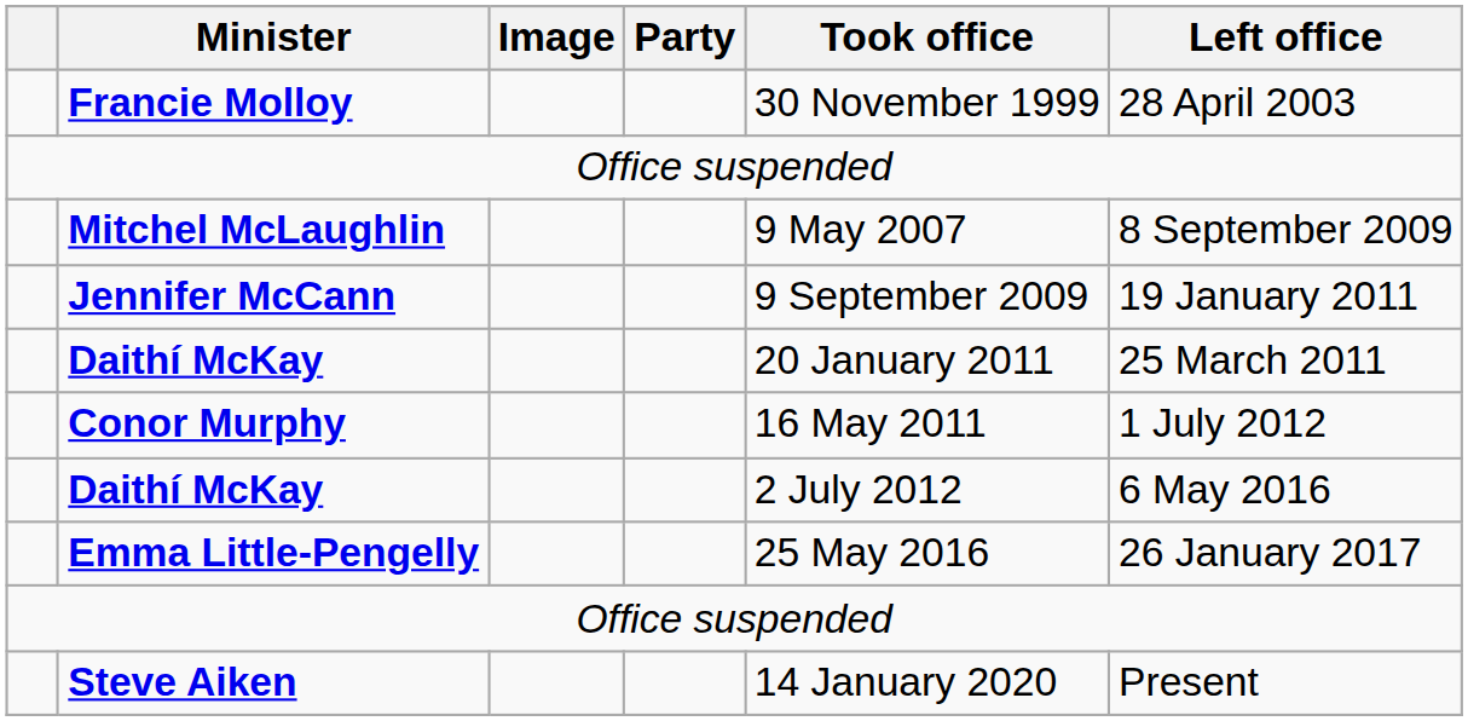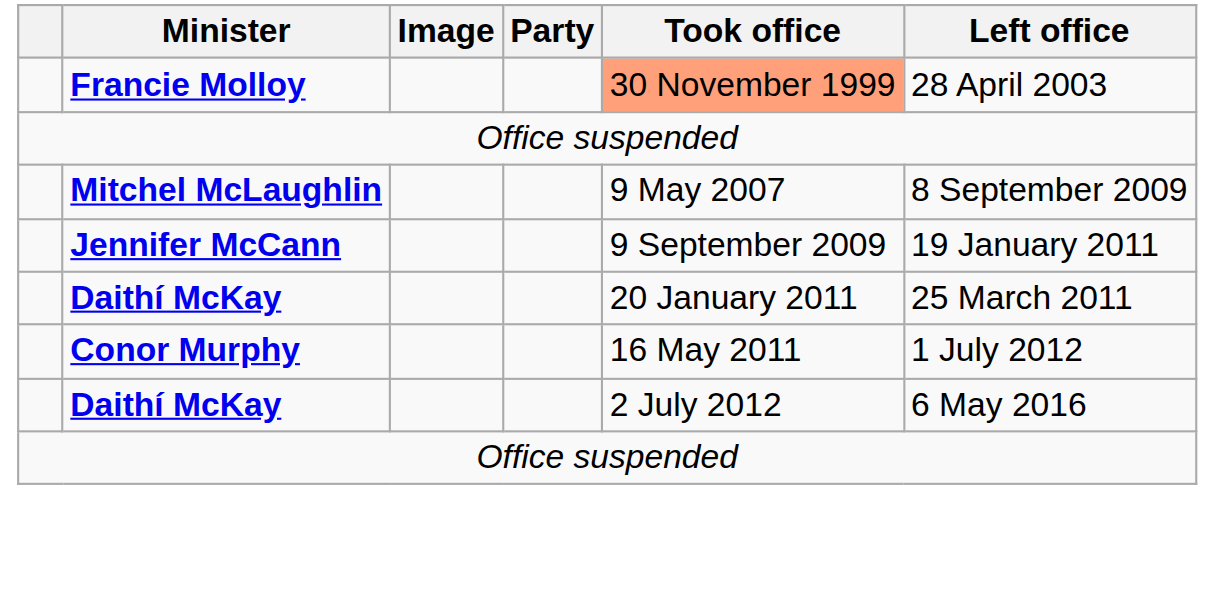 <table class="wikitable" style="margin: 1em auto 1em auto">
 <tr bgcolor=cccccc>
 <th></th>
 <th>Minister</th>
 <th>Image</th>
 <th>Party</th>
 <th>Took office</th>
 <th>Left office</th>
 </tr>
 <tr>
 <td style="background:">   </td>
 <td><strong><a href='#'>Francie Molloy</a></strong></td>
 <td></td>
 <td></td>
-<td>30 November 1999</td>
+<td style="background: lightsalmon;">30 November 1999</td>
 <td>28 April 2003</td>
 </tr>
 <tr>
 <td colspan="6" align="center"><em>Office suspended</em></td>
 </tr>
 <tr>
 <td style="background:">   </td>
 <td><strong><a href='#'>Mitchel McLaughlin</a></strong></td>
 <td></td>
 <td></td>
 <td>9 May 2007</td>
 <td>8 September 2009</td>
 </tr>
 <tr>
 <td style="background:">   </td>
 <td><strong><a href='#'>Jennifer McCann</a></strong></td>
 <td></td>
 <td></td>
 <td>9 September 2009</td>
 <td>19 January 2011</td>
 </tr>
 <tr>
 <td style="background:">   </td>
 <td><strong><a href='#'>Daithí McKay</a></strong></td>
 <td></td>
 <td></td>
 <td>20 January 2011</td>
 <td>25 March 2011</td>
 </tr>
 <tr>
 <td style="background:">   </td>
 <td><strong><a href='#'>Conor Murphy</a></strong></td>
 <td></td>
 <td></td>
 <td>16 May 2011</td>
 <td>1 July 2012</td>
 </tr>
 <tr>
 <td style="background:">   </td>
 <td><strong><a href='#'>Daithí McKay</a></strong></td>
 <td></td>
 <td></td>
 <td>2 July 2012</td>
 <td>6 May 2016</td>
 </tr>
 <tr>
-<td style="background:">   </td>
-<td><strong><a href='#'>Emma Little-Pengelly</a></strong></td>
-<td></td>
-<td></td>
-<td>25 May 2016</td>
-<td>26 January 2017</td>
-</tr>
-<tr>
 <td colspan="6" align="center"><em>Office suspended</em></td>
 </tr>
-<tr>
-<td style="background:">   </td>
-<td><strong><a href='#'>Steve Aiken</a></strong></td>
-<td></td>
-<td></td>
-<td>14 January 2020</td>
-<td>Present</td>
-</tr>
 </table>
